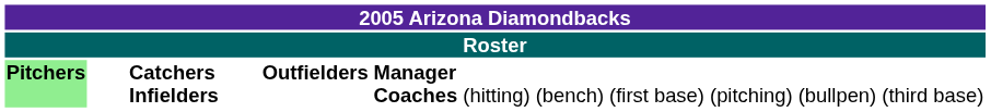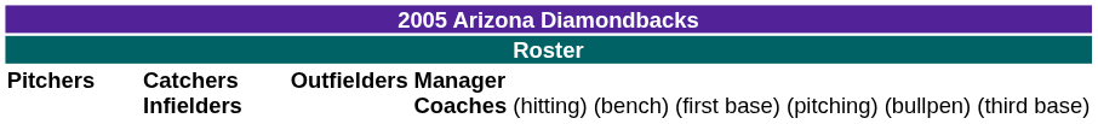 <table class="toccolours" style="font-size: 95%;">
 <tr>
 <th colspan="10" style="background-color: #522398; color: #FFFFFF; text-align: center;">2005 Arizona Diamondbacks</th>
 </tr>
 <tr>
 <td colspan="10" style="background-color: #006265; color: #FFFFFF; text-align: center;"><strong>Roster</strong></td>
 </tr>
 <tr>
-<td valign="top" style="background: lightgreen;"><strong>Pitchers</strong><br>                        </td>
+<td valign="top"><strong>Pitchers</strong><br>                        </td>
 <td width="25px"></td>
 <td valign="top"><strong>Catchers</strong><br>   <strong>Infielders</strong>         </td>
 <td width="25px"></td>
 <td valign="top"><strong>Outfielders</strong><br>     </td>
 <td valign="top"><strong>Manager</strong><br> <strong>Coaches</strong>  (hitting)  (bench)  (first base)  (pitching)  (bullpen)  (third base)</td>
 </tr>
 <tr>
 </tr>
 </table>
